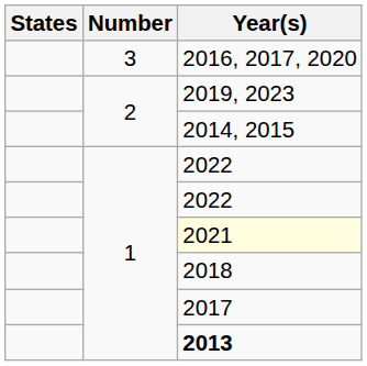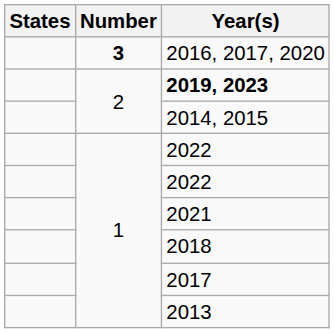 <table class="wikitable" style="font-size: 95%; text-align:left;">
 <tr>
 <th>States</th>
 <th>Number</th>
 <th>Year(s)</th>
 </tr>
 <tr>
 <td></td>
-<td align=center>3</td>
+<td align=center><strong>3</strong></td>
 <td>2016, 2017, 2020</td>
 </tr>
 <tr>
 <td></td>
 <td align=center rowspan=2>2</td>
-<td>2019, 2023</td>
+<td><strong>2019, 2023</strong></td>
 </tr>
 <tr>
 <td></td>
 <td>2014, 2015</td>
 </tr>
 <tr>
 <td></td>
 <td rowspan= 6 align=center>1</td>
 <td>2022</td>
 </tr>
 <tr>
 <td></td>
 <td>2022</td>
 </tr>
 <tr>
 <td></td>
-<td style="background: lightyellow;">2021</td>
+<td>2021</td>
 </tr>
 <tr>
 <td></td>
 <td>2018</td>
 </tr>
 <tr>
 <td></td>
 <td>2017</td>
 </tr>
 <tr>
 <td></td>
-<td><strong>2013</strong></td>
+<td>2013</td>
 </tr>
 </table>
